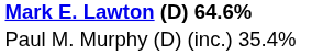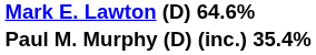 <table>
 <tr>
 <td><strong><a href='#'>Mark E. Lawton</a> (D) 64.6%</strong></td>
 </tr>
 <tr>
-<td>Paul M. Murphy (D) (inc.) 35.4%</td>
+<td><strong>Paul M. Murphy (D) (inc.) 35.4%</strong></td>
 </tr>
 </table>
